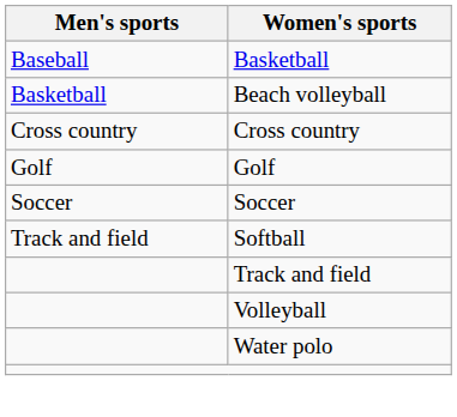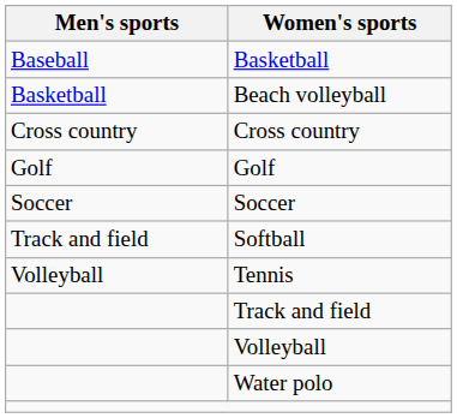 <table class="wikitable">
 <tr>
 <th width=150px>Men's sports</th>
 <th width=150px>Women's sports</th>
 </tr>
 <tr>
 <td><a href='#'>Baseball</a></td>
 <td><a href='#'>Basketball</a></td>
 </tr>
 <tr>
 <td><a href='#'>Basketball</a></td>
 <td>Beach volleyball</td>
 </tr>
 <tr>
 <td>Cross country</td>
 <td>Cross country</td>
 </tr>
 <tr>
 <td>Golf</td>
 <td>Golf</td>
 </tr>
 <tr>
 <td>Soccer</td>
 <td>Soccer</td>
 </tr>
 <tr>
 <td>Track and field</td>
 <td>Softball</td>
 </tr>
 <tr>
+<td>Volleyball</td>
+<td>Tennis</td>
+</tr>
+<tr>
 <td></td>
 <td>Track and field</td>
 </tr>
 <tr>
 <td></td>
 <td>Volleyball</td>
 </tr>
 <tr>
 <td></td>
 <td>Water polo</td>
 </tr>
 <tr>
 <td colspan="2"></td>
 </tr>
 </table>
